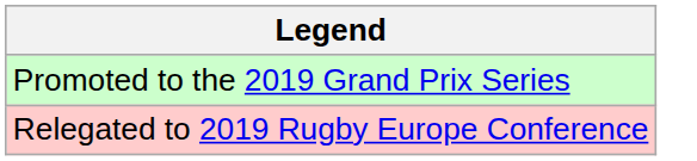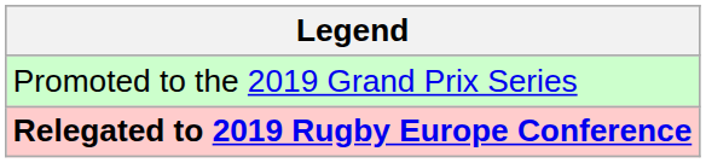 <table class="wikitable">
 <tr>
 <th>Legend</th>
 </tr>
 <tr bgcolor=ccffcc>
 <td>Promoted to the <a href='#'>2019 Grand Prix Series</a></td>
 </tr>
 <tr bgcolor=ffcccc>
-<td>Relegated to <a href='#'>2019 Rugby Europe Conference</a></td>
+<td><strong>Relegated to <a href='#'>2019 Rugby Europe Conference</a></strong></td>
 </tr>
 </table>
